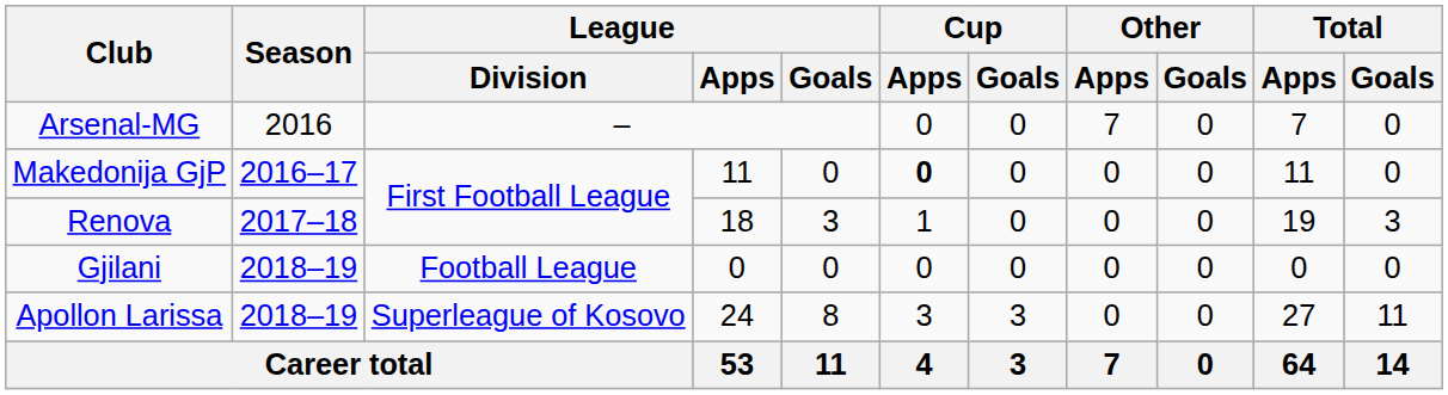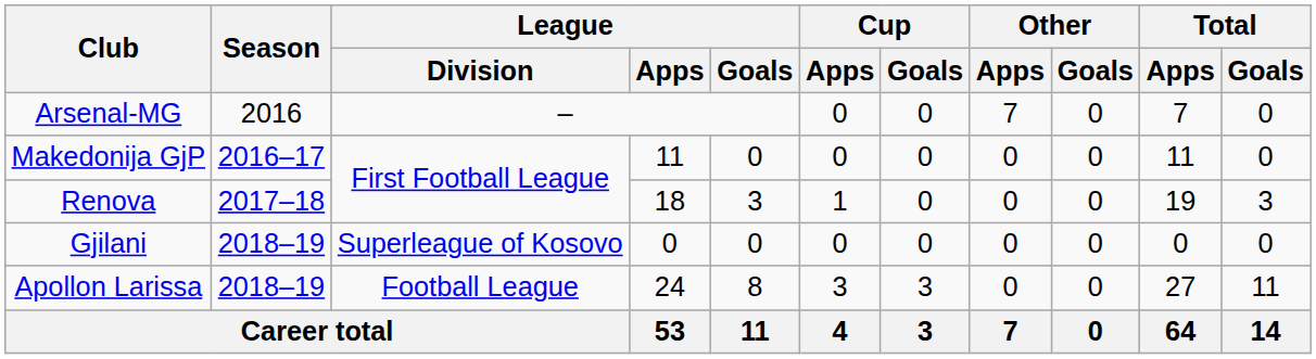 <table class="wikitable" style="text-align:center">
 <tr>
 <th rowspan="2">Club</th>
 <th rowspan="2">Season</th>
 <th colspan="3">League</th>
 <th colspan="2">Cup</th>
 <th colspan="2">Other</th>
 <th colspan="2">Total</th>
 </tr>
 <tr>
 <th>Division</th>
 <th>Apps</th>
 <th>Goals</th>
 <th>Apps</th>
 <th>Goals</th>
 <th>Apps</th>
 <th>Goals</th>
 <th>Apps</th>
 <th>Goals</th>
 </tr>
 <tr>
 <td><a href='#'>Arsenal-MG</a></td>
 <td>2016</td>
 <td colspan=3>–</td>
 <td>0</td>
 <td>0</td>
 <td>7</td>
 <td>0</td>
 <td>7</td>
 <td>0</td>
 </tr>
 <tr>
 <td><a href='#'>Makedonija GjP</a></td>
 <td><a href='#'>2016–17</a></td>
 <td rowspan=2><a href='#'>First Football League</a></td>
 <td>11</td>
 <td>0</td>
-<td><strong>0</strong></td>
+<td>0</td>
 <td>0</td>
 <td>0</td>
 <td>0</td>
 <td>11</td>
 <td>0</td>
 </tr>
 <tr>
 <td><a href='#'>Renova</a></td>
 <td><a href='#'>2017–18</a></td>
 <td>18</td>
 <td>3</td>
 <td>1</td>
 <td>0</td>
 <td>0</td>
 <td>0</td>
 <td>19</td>
 <td>3</td>
 </tr>
 <tr>
 <td><a href='#'>Gjilani</a></td>
 <td><a href='#'>2018–19</a></td>
-<td><a href='#'>Football League</a></td>
+<td><a href='#'>Superleague of Kosovo</a></td>
 <td>0</td>
 <td>0</td>
 <td>0</td>
 <td>0</td>
 <td>0</td>
 <td>0</td>
 <td>0</td>
 <td>0</td>
 </tr>
 <tr>
 <td><a href='#'>Apollon Larissa</a></td>
 <td><a href='#'>2018–19</a></td>
-<td><a href='#'>Superleague of Kosovo</a></td>
+<td><a href='#'>Football League</a></td>
 <td>24</td>
 <td>8</td>
 <td>3</td>
 <td>3</td>
 <td>0</td>
 <td>0</td>
 <td>27</td>
 <td>11</td>
 </tr>
 <tr>
 <th colspan=3><strong>Career total</strong></th>
 <th>53</th>
 <th>11</th>
 <th>4</th>
 <th>3</th>
 <th>7</th>
 <th>0</th>
 <th>64</th>
 <th>14</th>
 </tr>
 </table>
